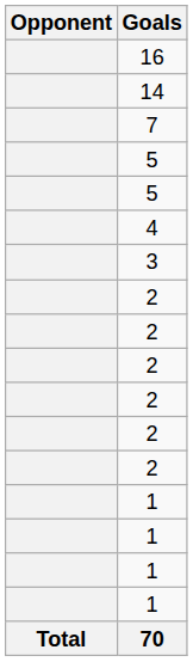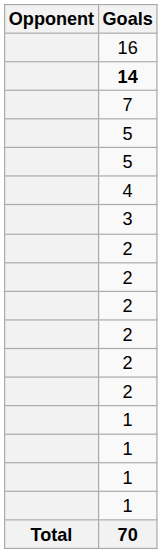 <table class="wikitable plainrowheaders sortable" style="text-align:center; font-size:95%">
 <tr>
 <th scope="col">Opponent</th>
 <th scope="col">Goals</th>
 </tr>
 <tr>
 <th scope="row"></th>
 <td>16</td>
 </tr>
 <tr>
 <th scope="row"></th>
-<td>14</td>
+<td><strong>14</strong></td>
 </tr>
 <tr>
 <th scope="row"></th>
 <td>7</td>
 </tr>
 <tr>
 <th scope="row"></th>
 <td>5</td>
 </tr>
 <tr>
 <th scope="row"></th>
 <td>5</td>
 </tr>
 <tr>
 <th scope="row"></th>
 <td>4</td>
 </tr>
 <tr>
 <th scope="row"></th>
 <td>3</td>
 </tr>
 <tr>
 <th scope="row"></th>
 <td>2</td>
 </tr>
 <tr>
 <th scope="row"></th>
 <td>2</td>
 </tr>
 <tr>
 <th scope="row"></th>
 <td>2</td>
 </tr>
 <tr>
 <th scope="row"></th>
 <td>2</td>
 </tr>
 <tr>
 <th scope="row"></th>
 <td>2</td>
 </tr>
 <tr>
 <th scope="row"></th>
 <td>2</td>
 </tr>
 <tr>
 <th scope="row"></th>
 <td>1</td>
 </tr>
 <tr>
 <th scope="row"></th>
 <td>1</td>
 </tr>
 <tr>
 <th scope="row"></th>
 <td>1</td>
 </tr>
 <tr>
 <th scope="row"></th>
 <td>1</td>
 </tr>
 <tr>
 <th>Total</th>
 <th>70</th>
 </tr>
 </table>
